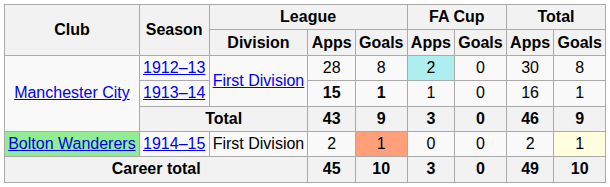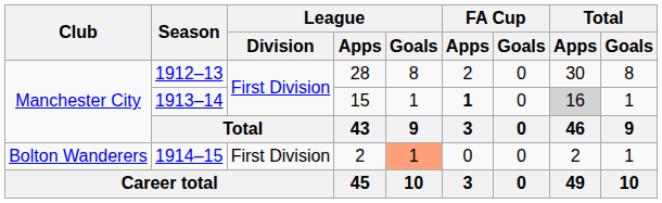 <table class="wikitable" style="text-align: center;">
 <tr>
 <th rowspan="2">Club</th>
 <th rowspan="2">Season</th>
 <th colspan="3">League</th>
 <th colspan="2">FA Cup</th>
 <th colspan="2">Total</th>
 </tr>
 <tr>
 <th>Division</th>
 <th>Apps</th>
 <th>Goals</th>
 <th>Apps</th>
 <th>Goals</th>
 <th>Apps</th>
 <th>Goals</th>
 </tr>
 <tr>
 <td rowspan="3"><a href='#'>Manchester City</a></td>
 <td><a href='#'>1912–13</a></td>
 <td rowspan="2"><a href='#'>First Division</a></td>
 <td>28</td>
 <td>8</td>
-<td style="background: paleturquoise;">2</td>
+<td>2</td>
 <td>0</td>
 <td>30</td>
 <td>8</td>
 </tr>
 <tr>
 <td><a href='#'>1913–14</a></td>
-<td><strong>15</strong></td>
+<td>15</td>
+<td>1</td>
 <td><strong>1</strong></td>
-<td>1</td>
 <td>0</td>
-<td>16</td>
+<td style="background: lightgrey;">16</td>
 <td>1</td>
 </tr>
 <tr>
 <th colspan="2">Total</th>
 <th>43</th>
 <th>9</th>
 <th>3</th>
 <th>0</th>
 <th>46</th>
 <th>9</th>
 </tr>
 <tr>
-<td style="background: lightgreen;"><a href='#'>Bolton Wanderers</a></td>
+<td><a href='#'>Bolton Wanderers</a></td>
 <td><a href='#'>1914–15</a></td>
 <td>First Division</td>
 <td>2</td>
 <td style="background: lightsalmon;">1</td>
 <td>0</td>
 <td>0</td>
 <td>2</td>
-<td style="background: lightyellow;">1</td>
+<td>1</td>
 </tr>
 <tr>
 <th colspan="3">Career total</th>
 <th>45</th>
 <th>10</th>
 <th>3</th>
 <th>0</th>
 <th>49</th>
 <th>10</th>
 </tr>
 </table>
